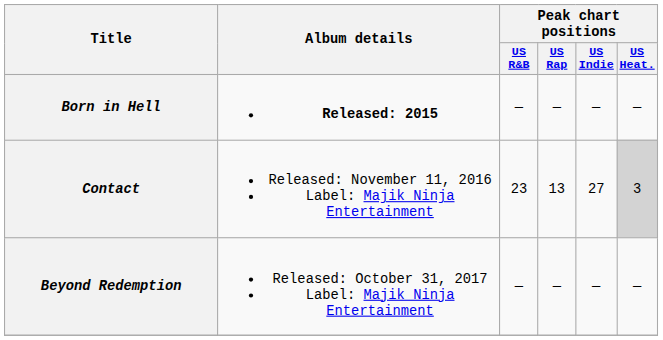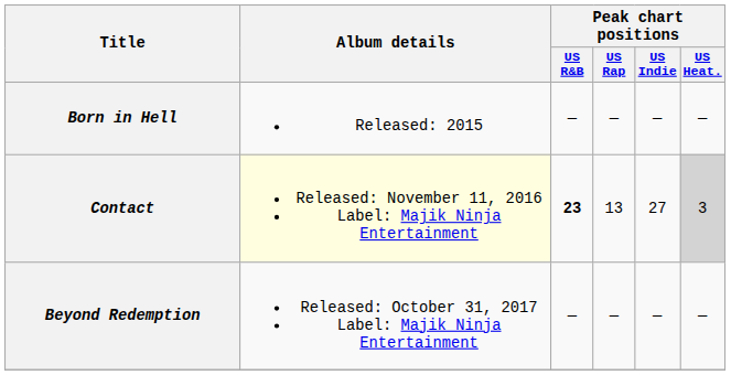 <table class="wikitable plainrowheaders" style="text-align:center;" border="1">
 <tr>
 <th scope="col" rowspan="2" style="width:15em;">Title</th>
 <th scope="col" rowspan="2" style="width:20em;">Album details</th>
 <th colspan="4">Peak chart positions</th>
 </tr>
 <tr>
 <th scope="col" style="width:2.75em;font-size:85%;"><a href='#'>US<br>R&B</a><br></th>
 <th scope="col" style="width:2.75em;font-size:85%;"><a href='#'>US <br>Rap</a><br></th>
 <th scope="col" style="width:2.75em;font-size:85%;"><a href='#'>US<br>Indie</a><br></th>
 <th scope="col" style="width:2.75em;font-size:85%;"><a href='#'>US Heat.</a><br></th>
 </tr>
 <tr>
 <th scope="row"><em>Born in Hell</em></th>
-<td><strong><br><ul><li>Released: 2015</li></ul></strong></td>
+<td><br><ul><li>Released: 2015</li></ul></td>
 <td>—</td>
 <td>—</td>
 <td>—</td>
 <td>—</td>
 </tr>
 <tr>
 <th scope="row"><em>Contact</em></th>
-<td><br><ul><li>Released: November 11, 2016</li><li>Label: <a href='#'>Majik Ninja Entertainment</a></li></ul></td>
-<td>23</td>
+<td style="background: lightyellow;"><br><ul><li>Released: November 11, 2016</li><li>Label: <a href='#'>Majik Ninja Entertainment</a></li></ul></td>
+<td><strong>23</strong></td>
 <td>13</td>
 <td>27</td>
 <td style="background: lightgrey;">3</td>
 </tr>
 <tr>
 <th scope="row"><em>Beyond Redemption</em></th>
 <td><br><ul><li>Released: October 31, 2017</li><li>Label: <a href='#'>Majik Ninja Entertainment</a></li></ul></td>
 <td>—</td>
 <td>—</td>
 <td>—</td>
 <td>—</td>
 </tr>
 <tr>
 </tr>
 </table>
